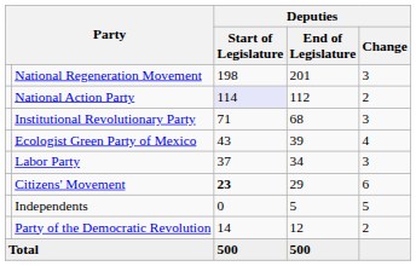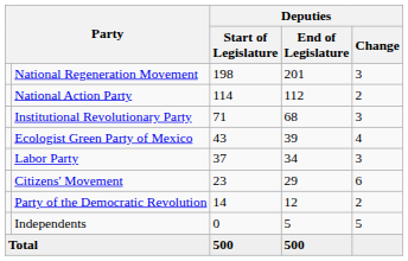 <table class="wikitable">
 <tr>
 <th colspan="2" rowspan="2"><strong>Party</strong></th>
 <th colspan="3">Deputies</th>
 </tr>
 <tr style="background:#efefef;">
 <th>Start of<br>Legislature</th>
 <th>End of<br>Legislature</th>
 <th><strong>Change</strong></th>
 </tr>
 <tr>
 <td style="background:"></td>
 <td><a href='#'>National Regeneration Movement</a></td>
 <td>198</td>
 <td>201</td>
 <td> 3</td>
 </tr>
 <tr>
 <td style="background:"></td>
 <td><a href='#'>National Action Party</a></td>
-<td style="background: lavender;">114</td>
+<td>114</td>
 <td>112</td>
 <td> 2</td>
 </tr>
 <tr>
 <td style="background:"></td>
 <td><a href='#'>Institutional Revolutionary Party</a></td>
 <td>71</td>
 <td>68</td>
 <td> 3</td>
 </tr>
 <tr>
 <td style="background:"></td>
 <td><a href='#'>Ecologist Green Party of Mexico</a></td>
 <td>43</td>
 <td>39</td>
 <td> 4</td>
 </tr>
 <tr>
 <td style="background:"></td>
 <td><a href='#'>Labor Party</a></td>
 <td>37</td>
 <td>34</td>
 <td> 3</td>
 </tr>
 <tr>
 <td style="background:"></td>
 <td><a href='#'>Citizens' Movement</a></td>
-<td><strong>23</strong></td>
+<td>23</td>
 <td>29</td>
 <td> 6</td>
+</tr>
+<tr>
+<td style="background:"></td>
+<td><a href='#'>Party of the Democratic Revolution</a></td>
+<td>14</td>
+<td>12</td>
+<td> 2</td>
 </tr>
 <tr>
 <td style="background:"></td>
 <td>Independents</td>
 <td>0</td>
 <td>5</td>
 <td> 5</td>
 </tr>
-<tr>
-<td style="background:"></td>
-<td><a href='#'>Party of the Democratic Revolution</a></td>
-<td>14</td>
-<td>12</td>
-<td> 2</td>
-</tr>
 <tr style="background:#efefef;">
 <td colspan="2"><strong>Total</strong></td>
 <td><strong>500</strong></td>
 <td><strong>500</strong></td>
 <td></td>
 </tr>
 </table>
